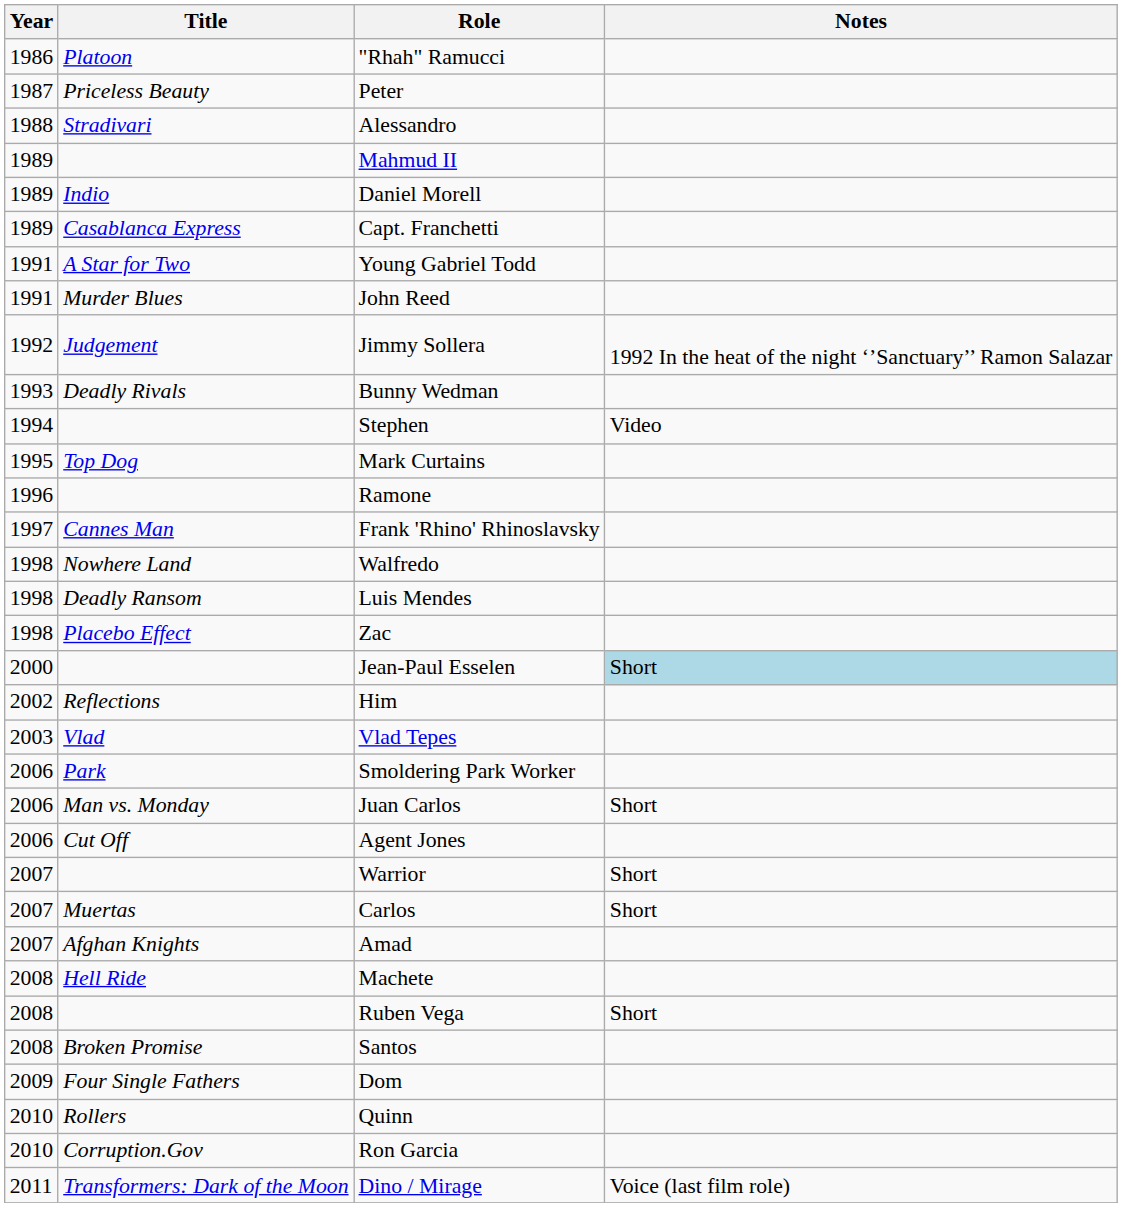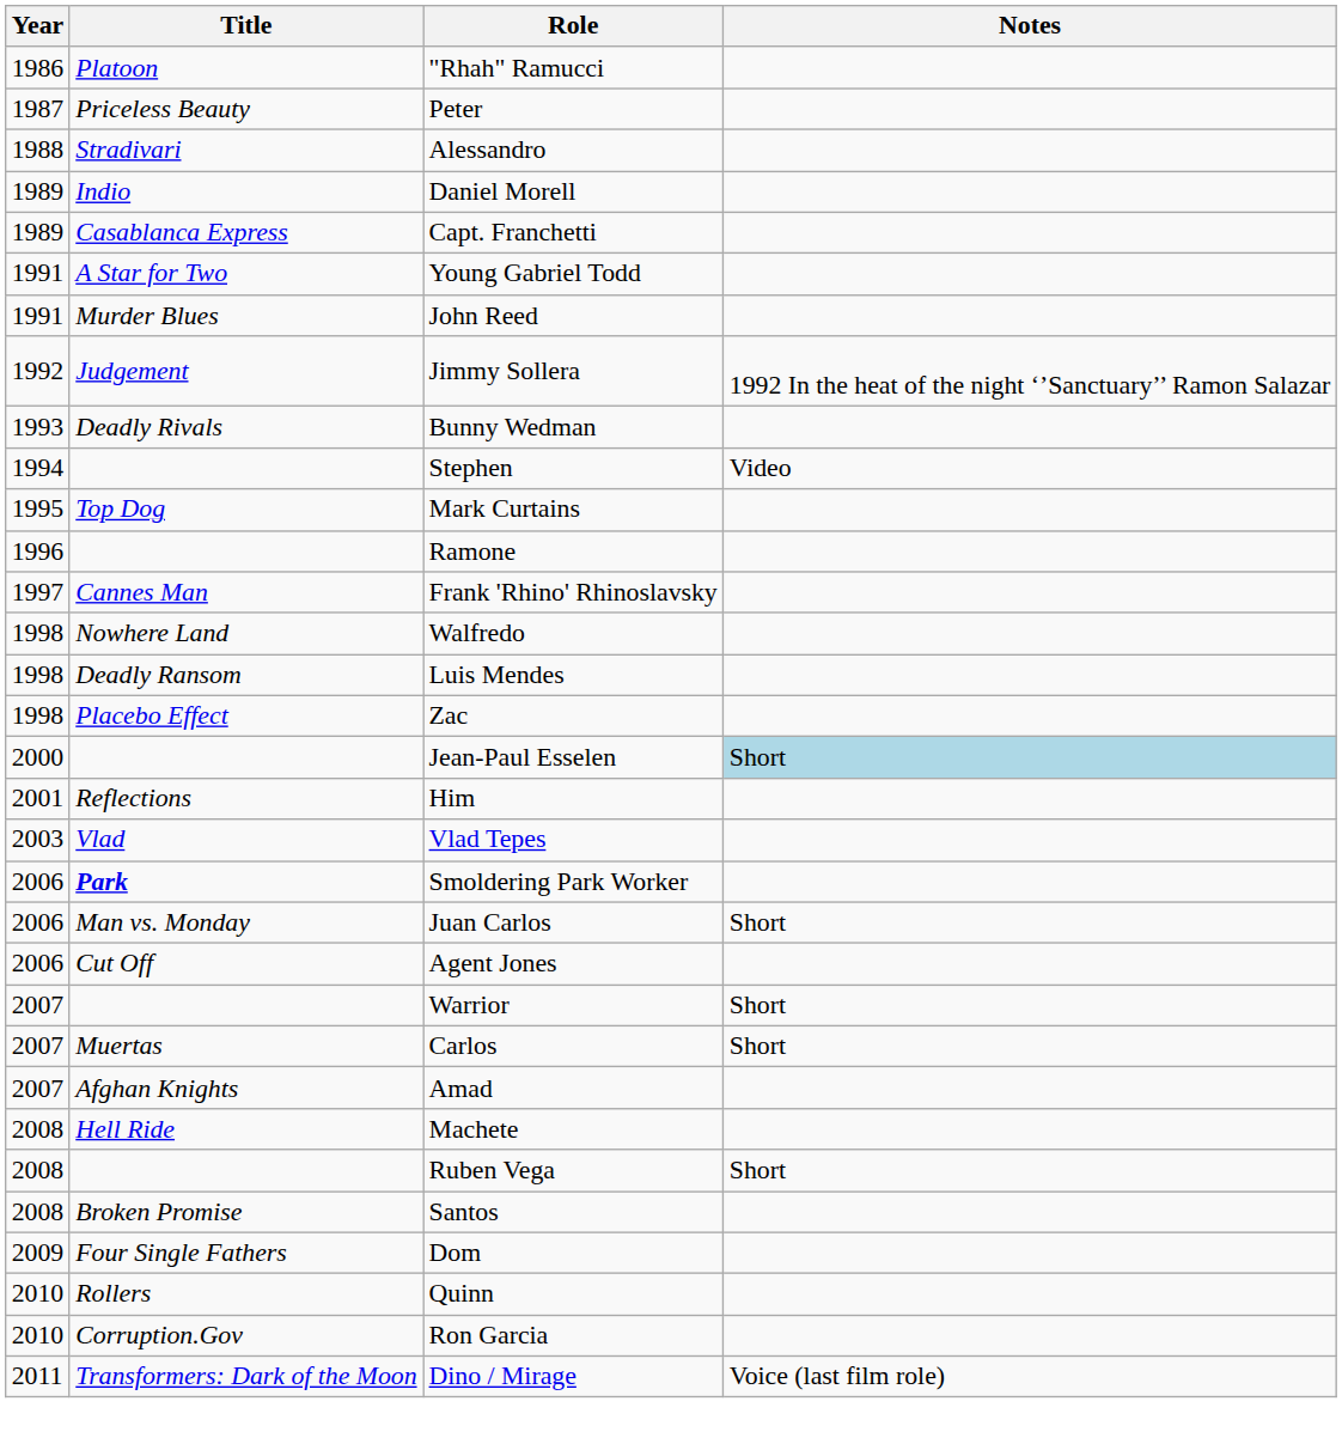 <table class="wikitable sortable">
 <tr>
 <th>Year</th>
 <th>Title</th>
 <th>Role</th>
 <th class="unsortable">Notes</th>
 </tr>
 <tr>
 <td>1986</td>
 <td><em><a href='#'>Platoon</a></em></td>
 <td>"Rhah" Ramucci</td>
 <td></td>
 </tr>
 <tr>
 <td>1987</td>
 <td><em>Priceless Beauty</em></td>
 <td>Peter</td>
 <td></td>
 </tr>
 <tr>
 <td>1988</td>
 <td><em><a href='#'>Stradivari</a></em></td>
 <td>Alessandro</td>
-<td></td>
-</tr>
-<tr>
-<td>1989</td>
-<td><em></em></td>
-<td><a href='#'>Mahmud II</a></td>
 <td></td>
 </tr>
 <tr>
 <td>1989</td>
 <td><em><a href='#'>Indio</a></em></td>
 <td>Daniel Morell</td>
 <td></td>
 </tr>
 <tr>
 <td>1989</td>
 <td><em><a href='#'>Casablanca Express</a></em></td>
 <td>Capt. Franchetti</td>
 <td></td>
 </tr>
 <tr>
 <td>1991</td>
 <td><em><a href='#'>A Star for Two</a></em></td>
 <td>Young Gabriel Todd</td>
 <td></td>
 </tr>
 <tr>
 <td>1991</td>
 <td><em>Murder Blues</em></td>
 <td>John Reed</td>
 <td></td>
 </tr>
 <tr>
 <td>1992</td>
 <td><em><a href='#'>Judgement</a></em></td>
 <td>Jimmy Sollera</td>
 <td><br>1992  In the heat of the night ‘’Sanctuary’’ Ramon Salazar</td>
 </tr>
 <tr>
 <td>1993</td>
 <td><em>Deadly Rivals</em></td>
 <td>Bunny Wedman</td>
 <td></td>
 </tr>
 <tr>
 <td>1994</td>
 <td><em></em></td>
 <td>Stephen</td>
 <td>Video</td>
 </tr>
 <tr>
 <td>1995</td>
 <td><em><a href='#'>Top Dog</a></em></td>
 <td>Mark Curtains</td>
 <td></td>
 </tr>
 <tr>
 <td>1996</td>
 <td><em></em></td>
 <td>Ramone</td>
 <td></td>
 </tr>
 <tr>
 <td>1997</td>
 <td><em><a href='#'>Cannes Man</a></em></td>
 <td>Frank 'Rhino' Rhinoslavsky</td>
 <td></td>
 </tr>
 <tr>
 <td>1998</td>
 <td><em>Nowhere Land</em></td>
 <td>Walfredo</td>
 <td></td>
 </tr>
 <tr>
 <td>1998</td>
 <td><em>Deadly Ransom</em></td>
 <td>Luis Mendes</td>
 <td></td>
 </tr>
 <tr>
 <td>1998</td>
 <td><em><a href='#'>Placebo Effect</a></em></td>
 <td>Zac</td>
 <td></td>
 </tr>
 <tr>
 <td>2000</td>
 <td><em></em></td>
 <td>Jean-Paul Esselen</td>
 <td style="background: lightblue;">Short</td>
 </tr>
 <tr>
-<td>2002</td>
+<td>2001</td>
 <td><em>Reflections</em></td>
 <td>Him</td>
 <td></td>
 </tr>
 <tr>
 <td>2003</td>
 <td><em><a href='#'>Vlad</a></em></td>
 <td><a href='#'>Vlad Tepes</a></td>
 <td></td>
 </tr>
 <tr>
 <td>2006</td>
-<td><em><a href='#'>Park</a></em></td>
+<td><strong><em><a href='#'>Park</a></em></strong></td>
 <td>Smoldering Park Worker</td>
 <td></td>
 </tr>
 <tr>
 <td>2006</td>
 <td><em>Man vs. Monday</em></td>
 <td>Juan Carlos</td>
 <td>Short</td>
 </tr>
 <tr>
 <td>2006</td>
 <td><em>Cut Off</em></td>
 <td>Agent Jones</td>
 <td></td>
 </tr>
 <tr>
 <td>2007</td>
 <td><em></em></td>
 <td>Warrior</td>
 <td>Short</td>
 </tr>
 <tr>
 <td>2007</td>
 <td><em>Muertas</em></td>
 <td>Carlos</td>
 <td>Short</td>
 </tr>
 <tr>
 <td>2007</td>
 <td><em>Afghan Knights</em></td>
 <td>Amad</td>
 <td></td>
 </tr>
 <tr>
 <td>2008</td>
 <td><em><a href='#'>Hell Ride</a></em></td>
 <td>Machete</td>
 <td></td>
 </tr>
 <tr>
 <td>2008</td>
 <td><em></em></td>
 <td>Ruben Vega</td>
 <td>Short</td>
 </tr>
 <tr>
 <td>2008</td>
 <td><em>Broken Promise</em></td>
 <td>Santos</td>
 <td></td>
 </tr>
 <tr>
 <td>2009</td>
 <td><em>Four Single Fathers</em></td>
 <td>Dom</td>
 <td></td>
 </tr>
 <tr>
 <td>2010</td>
 <td><em>Rollers</em></td>
 <td>Quinn</td>
 <td></td>
 </tr>
 <tr>
 <td>2010</td>
 <td><em>Corruption.Gov</em></td>
 <td>Ron Garcia</td>
 <td></td>
 </tr>
 <tr>
 <td>2011</td>
 <td><em><a href='#'>Transformers: Dark of the Moon</a></em></td>
 <td><a href='#'>Dino / Mirage</a></td>
 <td>Voice (last film role)</td>
 </tr>
 </table>
